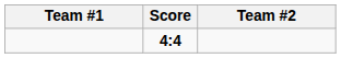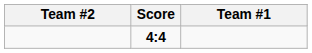 <table class="wikitable" style="text-align:center;">
 <tr>
+<th width=140>Team #2</th>
+<th width=50>Score</th>
 <th width=140>Team #1</th>
-<th width=50>Score</th>
-<th width=140>Team #2</th>
 </tr>
 <tr>
+<td style="text-align:left;"></td>
+<td><strong>4:4</strong></td>
 <td style="text-align:right;"></td>
-<td><strong>4:4</strong></td>
-<td style="text-align:left;"></td>
 </tr>
 </table>
